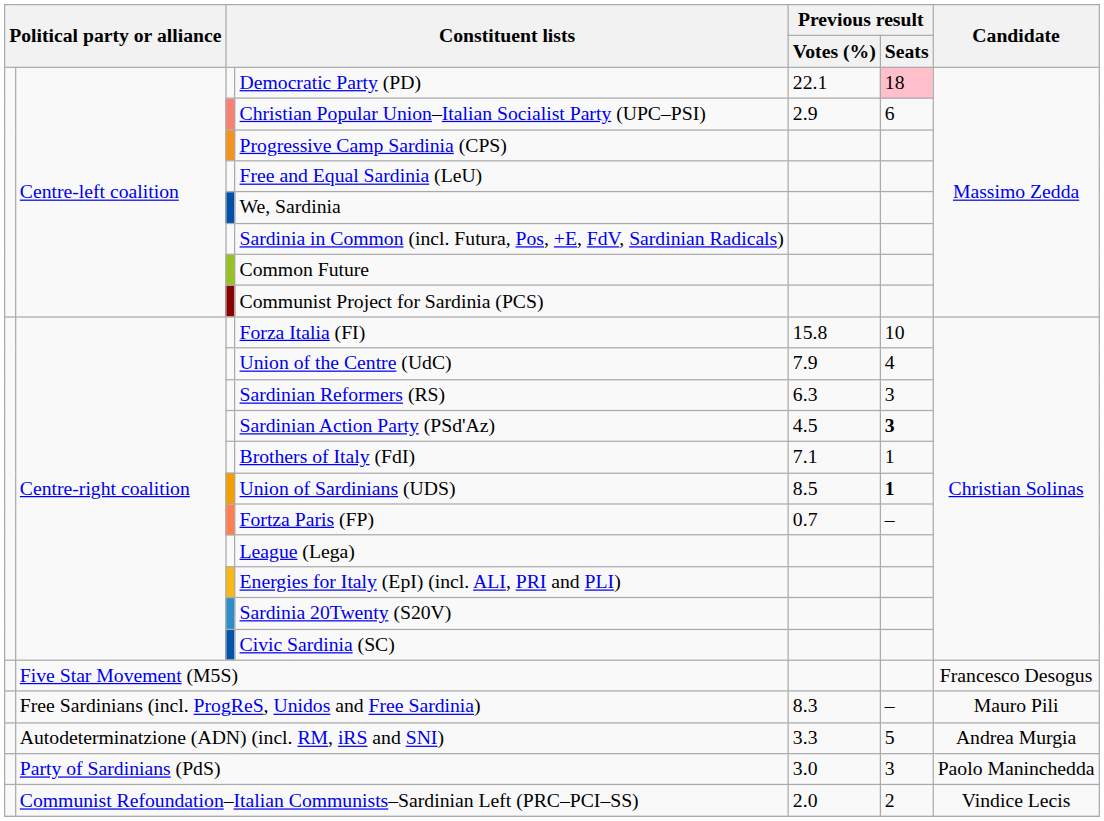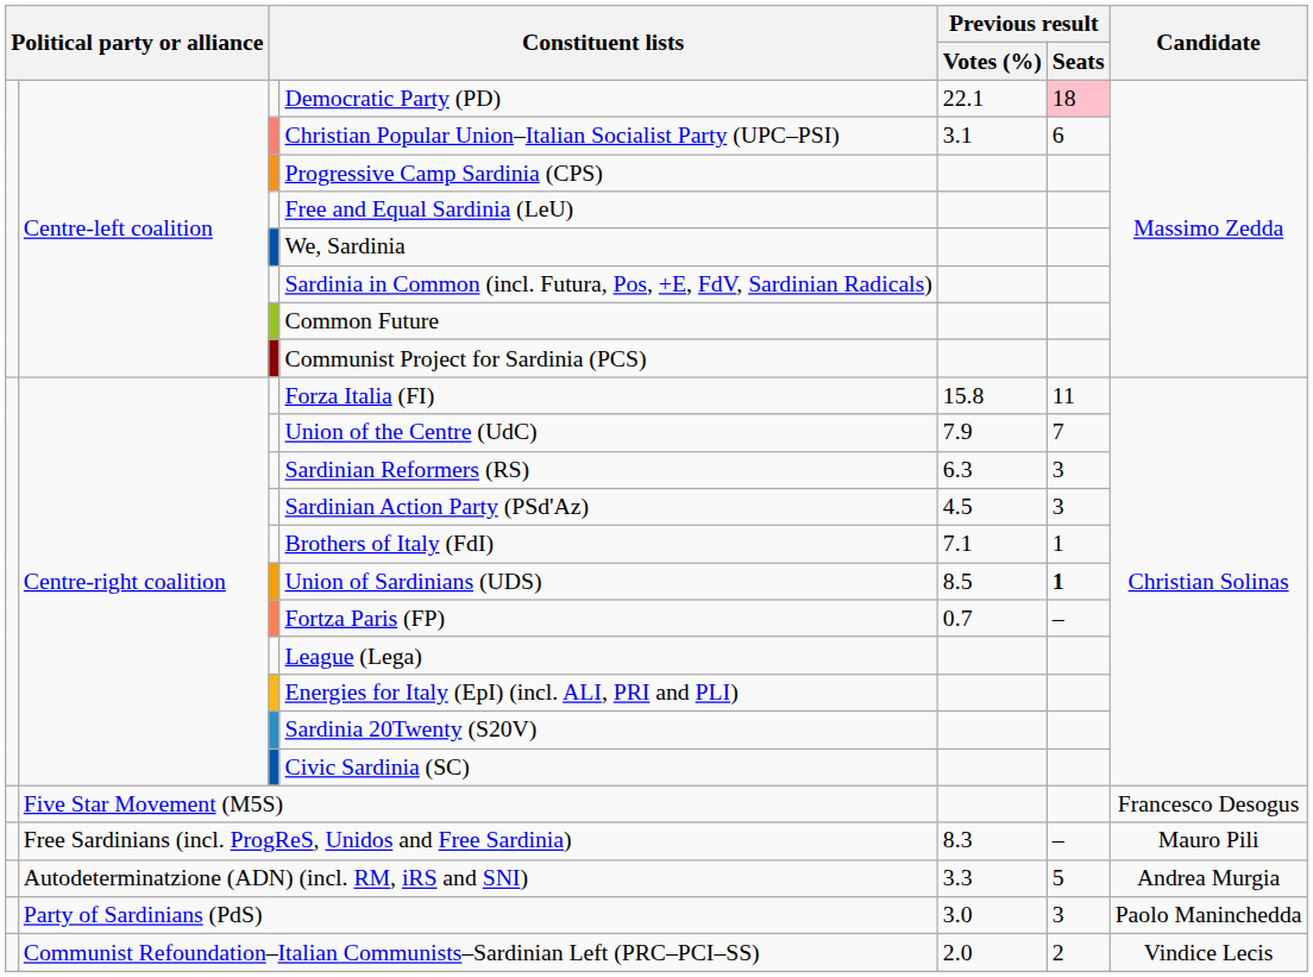 <table class="wikitable" style="text-align:left">
 <tr>
 <th colspan=2 rowspan="2">Political party or alliance</th>
 <th colspan=2 rowspan="2">Constituent lists</th>
 <th colspan="2">Previous result</th>
 <th colspan="2" rowspan="2">Candidate</th>
 </tr>
 <tr>
 <th>Votes (%)</th>
 <th>Seats</th>
 </tr>
 <tr>
 <td rowspan="8"></td>
 <td rowspan=8><a href='#'>Centre-left coalition</a></td>
 <td></td>
 <td style="text-align:left;"><a href='#'>Democratic Party</a> (PD)</td>
 <td>22.1</td>
 <td style="background: pink;">18</td>
 <td rowspan="8" style="text-align:center;"><a href='#'>Massimo Zedda</a></td>
 </tr>
 <tr>
 <td bgcolor="salmon"></td>
 <td style="text-align:left;"><a href='#'>Christian Popular Union</a>–<a href='#'>Italian Socialist Party</a> (UPC–PSI)</td>
-<td>2.9</td>
+<td>3.1</td>
 <td>6</td>
 </tr>
 <tr>
 <td bgcolor=F7921C></td>
 <td style="text-align:left;"><a href='#'>Progressive Camp Sardinia</a> (CPS)</td>
 <td></td>
 <td></td>
 </tr>
 <tr>
 <td style="background-color:"></td>
 <td><a href='#'>Free and Equal Sardinia</a> (LeU)</td>
 <td></td>
 <td></td>
 </tr>
 <tr>
 <td style="background-color:#0050AA"></td>
 <td>We, Sardinia</td>
 <td></td>
 <td></td>
 </tr>
 <tr>
 <td></td>
 <td style="text-align:left;"><a href='#'>Sardinia in Common</a> (incl. Futura, <a href='#'>Pos</a>, <a href='#'>+E</a>, <a href='#'>FdV</a>, <a href='#'>Sardinian Radicals</a>)</td>
 <td></td>
 <td></td>
 </tr>
 <tr>
 <td bgcolor="#98c21f"></td>
 <td style="text-align:left;">Common Future</td>
 <td></td>
 <td></td>
 </tr>
 <tr>
 <td bgcolor="#8B0000"></td>
 <td style="text-align:left;">Communist Project for Sardinia (PCS)</td>
 <td></td>
 <td></td>
 </tr>
 <tr>
 <td rowspan="11" style="background:"></td>
 <td rowspan=11><a href='#'>Centre-right coalition</a></td>
 <td></td>
 <td style="text-align:left;"><a href='#'>Forza Italia</a> (FI)</td>
 <td>15.8</td>
-<td>10</td>
+<td>11</td>
 <td rowspan="11" style="text-align:center;"><a href='#'>Christian Solinas</a></td>
 </tr>
 <tr>
 <td></td>
 <td style="text-align:left;"><a href='#'>Union of the Centre</a>  (UdC)</td>
 <td>7.9</td>
-<td>4</td>
+<td>7</td>
 </tr>
 <tr>
 <td></td>
 <td><a href='#'>Sardinian Reformers</a> (RS)</td>
 <td>6.3</td>
 <td>3</td>
 </tr>
 <tr>
 <td></td>
 <td style="text-align:left;"><a href='#'>Sardinian Action Party</a> (PSd'Az)</td>
 <td>4.5</td>
-<td><strong>3</strong></td>
+<td>3</td>
 </tr>
 <tr>
 <td></td>
 <td style="text-align:left;"><a href='#'>Brothers of Italy</a> (FdI)</td>
 <td>7.1</td>
 <td>1</td>
 </tr>
 <tr>
 <td bgcolor="#F59E00"></td>
 <td style="text-align:left;"><a href='#'>Union of Sardinians</a> (UDS)</td>
 <td>8.5</td>
 <td><strong>1</strong></td>
 </tr>
 <tr>
 <td bgcolor="#FF7F50"></td>
 <td><a href='#'>Fortza Paris</a> (FP)</td>
 <td>0.7</td>
 <td>–</td>
 </tr>
 <tr>
 <td></td>
 <td style="text-align:left;"><a href='#'>League</a> (Lega)</td>
 <td></td>
 <td></td>
 </tr>
 <tr>
 <td bgcolor="#FBB917"></td>
 <td style="text-align:left;"><a href='#'>Energies for Italy</a> (EpI) (incl. <a href='#'>ALI</a>, <a href='#'>PRI</a> and <a href='#'>PLI</a>)</td>
 <td></td>
 <td></td>
 </tr>
 <tr>
 <td bgcolor="#2d8ec5"></td>
 <td style="text-align:left;"><a href='#'>Sardinia 20Twenty</a> (S20V)</td>
 <td></td>
 <td></td>
 </tr>
 <tr>
 <td bgcolor="#0055AB"></td>
 <td style="text-align:left;"><a href='#'>Civic Sardinia</a> (SC)</td>
 <td></td>
 <td></td>
 </tr>
 <tr>
 <td style="background-color:"></td>
 <td colspan="3"><a href='#'>Five Star Movement</a> (M5S)</td>
 <td></td>
 <td></td>
 <td style="text-align:center;">Francesco Desogus</td>
 </tr>
 <tr>
 <td style="background-color:"></td>
 <td colspan="3">Free Sardinians (incl. <a href='#'>ProgReS</a>, <a href='#'>Unidos</a> and <a href='#'>Free Sardinia</a>)</td>
 <td>8.3</td>
 <td>–</td>
 <td style="text-align:center;">Mauro Pili</td>
 </tr>
 <tr>
 <td style="background-color:"></td>
 <td colspan="3">Autodeterminatzione (ADN) (incl. <a href='#'>RM</a>, <a href='#'>iRS</a> and <a href='#'>SNI</a>)</td>
 <td>3.3</td>
 <td>5</td>
 <td style="text-align:center;">Andrea Murgia</td>
 </tr>
 <tr>
 <td style="background-color:"></td>
 <td colspan="3"><a href='#'>Party of Sardinians</a> (PdS)</td>
 <td>3.0</td>
 <td>3</td>
 <td style="text-align:center;">Paolo Maninchedda</td>
 </tr>
 <tr>
 <td style="background-color:"></td>
 <td colspan="3"><a href='#'>Communist Refoundation</a>–<a href='#'>Italian Communists</a>–Sardinian Left (PRC–PCI–SS)</td>
 <td>2.0</td>
 <td>2</td>
 <td style="text-align:center;">Vindice Lecis</td>
 </tr>
 <tr>
 </tr>
 </table>
